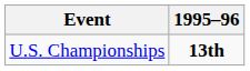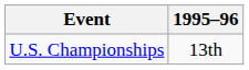 <table class="wikitable" style="text-align:center">
 <tr>
 <th>Event</th>
 <th>1995–96</th>
 </tr>
 <tr>
 <td align=left><a href='#'>U.S. Championships</a></td>
-<td><strong>13th</strong></td>
+<td>13th</td>
 </tr>
 </table>
